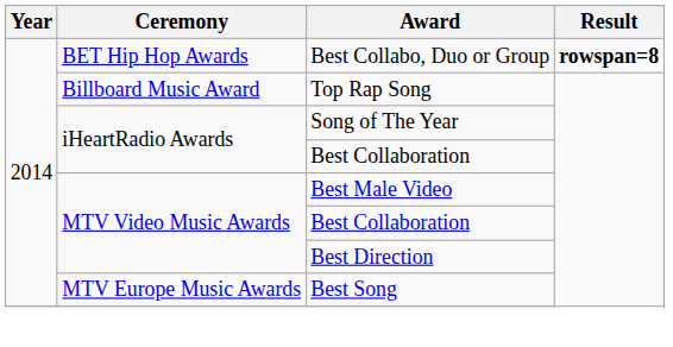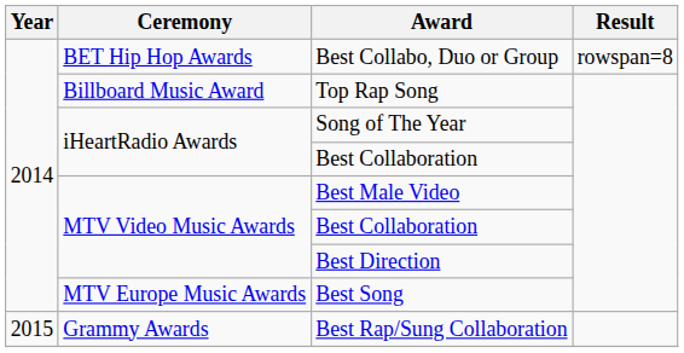 <table class="wikitable">
 <tr>
 <th>Year</th>
 <th>Ceremony</th>
 <th>Award</th>
 <th>Result</th>
 </tr>
 <tr>
 <td rowspan="8">2014</td>
 <td><a href='#'>BET Hip Hop Awards</a></td>
 <td>Best Collabo, Duo or Group</td>
-<td><strong>rowspan=8 </strong></td>
+<td>rowspan=8 </td>
 </tr>
 <tr>
 <td><a href='#'>Billboard Music Award</a></td>
 <td>Top Rap Song</td>
 </tr>
 <tr>
 <td rowspan="2">iHeartRadio Awards</td>
 <td>Song of The Year</td>
 </tr>
 <tr>
 <td>Best Collaboration</td>
 </tr>
 <tr>
 <td rowspan="3"><a href='#'>MTV Video Music Awards</a></td>
 <td><a href='#'>Best Male Video</a></td>
 </tr>
 <tr>
 <td><a href='#'>Best Collaboration</a></td>
 </tr>
 <tr>
 <td><a href='#'>Best Direction</a></td>
 </tr>
 <tr>
 <td rowspan="1"><a href='#'>MTV Europe Music Awards</a></td>
 <td><a href='#'>Best Song</a></td>
 </tr>
 <tr>
+<td>2015</td>
+<td><a href='#'>Grammy Awards</a></td>
+<td><a href='#'>Best Rap/Sung Collaboration</a></td>
+<td></td>
+</tr>
+<tr>
 </tr>
 </table>
